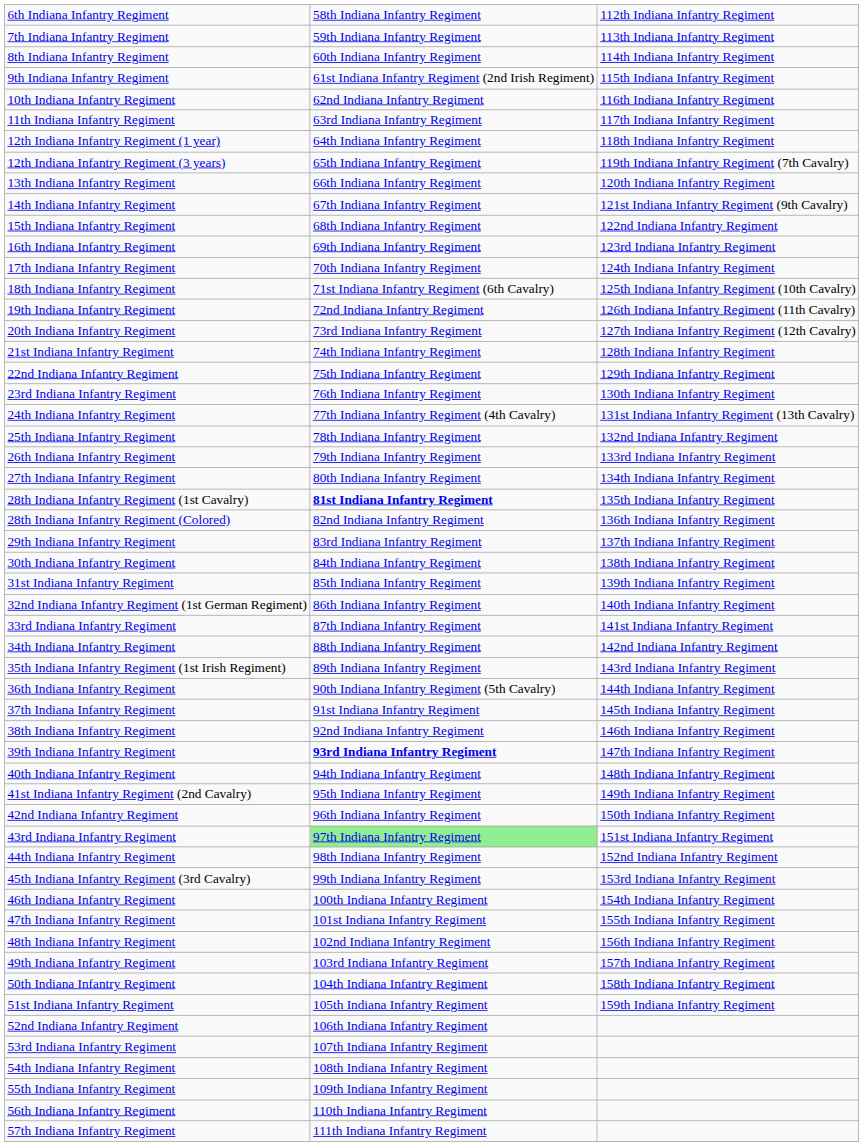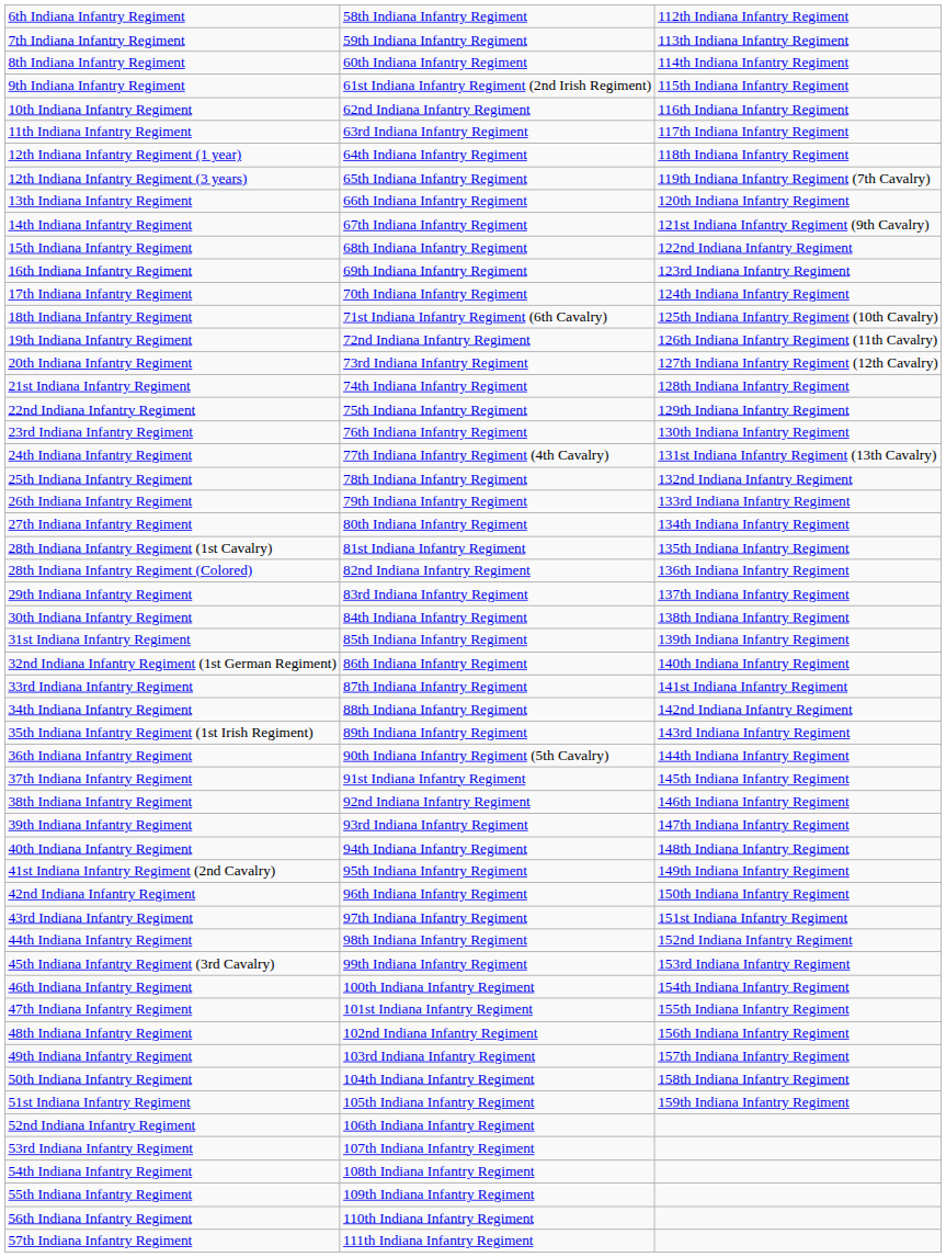 <table class="wikitable">
 <tr>
 <td><a href='#'>6th Indiana Infantry Regiment</a></td>
 <td><a href='#'>58th Indiana Infantry Regiment</a></td>
 <td><a href='#'>112th Indiana Infantry Regiment</a></td>
 </tr>
 <tr>
 <td><a href='#'>7th Indiana Infantry Regiment</a></td>
 <td><a href='#'>59th Indiana Infantry Regiment</a></td>
 <td><a href='#'>113th Indiana Infantry Regiment</a></td>
 </tr>
 <tr>
 <td><a href='#'>8th Indiana Infantry Regiment</a></td>
 <td><a href='#'>60th Indiana Infantry Regiment</a></td>
 <td><a href='#'>114th Indiana Infantry Regiment</a></td>
 </tr>
 <tr>
 <td><a href='#'>9th Indiana Infantry Regiment</a></td>
 <td><a href='#'>61st Indiana Infantry Regiment</a> (2nd Irish Regiment)</td>
 <td><a href='#'>115th Indiana Infantry Regiment</a></td>
 </tr>
 <tr>
 <td><a href='#'>10th Indiana Infantry Regiment</a></td>
 <td><a href='#'>62nd Indiana Infantry Regiment</a></td>
 <td><a href='#'>116th Indiana Infantry Regiment</a></td>
 </tr>
 <tr>
 <td><a href='#'>11th Indiana Infantry Regiment</a></td>
 <td><a href='#'>63rd Indiana Infantry Regiment</a></td>
 <td><a href='#'>117th Indiana Infantry Regiment</a></td>
 </tr>
 <tr>
 <td><a href='#'>12th Indiana Infantry Regiment (1 year)</a></td>
 <td><a href='#'>64th Indiana Infantry Regiment</a></td>
 <td><a href='#'>118th Indiana Infantry Regiment</a></td>
 </tr>
 <tr>
 <td><a href='#'>12th Indiana Infantry Regiment (3 years)</a></td>
 <td><a href='#'>65th Indiana Infantry Regiment</a></td>
 <td><a href='#'>119th Indiana Infantry Regiment</a> (7th Cavalry)</td>
 </tr>
 <tr>
 <td><a href='#'>13th Indiana Infantry Regiment</a></td>
 <td><a href='#'>66th Indiana Infantry Regiment</a></td>
 <td><a href='#'>120th Indiana Infantry Regiment</a></td>
 </tr>
 <tr>
 <td><a href='#'>14th Indiana Infantry Regiment</a></td>
 <td><a href='#'>67th Indiana Infantry Regiment</a></td>
 <td><a href='#'>121st Indiana Infantry Regiment</a> (9th Cavalry)</td>
 </tr>
 <tr>
 <td><a href='#'>15th Indiana Infantry Regiment</a></td>
 <td><a href='#'>68th Indiana Infantry Regiment</a></td>
 <td><a href='#'>122nd Indiana Infantry Regiment</a></td>
 </tr>
 <tr>
 <td><a href='#'>16th Indiana Infantry Regiment</a></td>
 <td><a href='#'>69th Indiana Infantry Regiment</a></td>
 <td><a href='#'>123rd Indiana Infantry Regiment</a></td>
 </tr>
 <tr>
 <td><a href='#'>17th Indiana Infantry Regiment</a></td>
 <td><a href='#'>70th Indiana Infantry Regiment</a></td>
 <td><a href='#'>124th Indiana Infantry Regiment</a></td>
 </tr>
 <tr>
 <td><a href='#'>18th Indiana Infantry Regiment</a></td>
 <td><a href='#'>71st Indiana Infantry Regiment</a> (6th Cavalry)</td>
 <td><a href='#'>125th Indiana Infantry Regiment</a> (10th Cavalry)</td>
 </tr>
 <tr>
 <td><a href='#'>19th Indiana Infantry Regiment</a></td>
 <td><a href='#'>72nd Indiana Infantry Regiment</a></td>
 <td><a href='#'>126th Indiana Infantry Regiment</a> (11th  Cavalry)</td>
 </tr>
 <tr>
 <td><a href='#'>20th Indiana Infantry Regiment</a></td>
 <td><a href='#'>73rd Indiana Infantry Regiment</a></td>
 <td><a href='#'>127th Indiana Infantry Regiment</a> (12th Cavalry)</td>
 </tr>
 <tr>
 <td><a href='#'>21st Indiana Infantry Regiment</a></td>
 <td><a href='#'>74th Indiana Infantry Regiment</a></td>
 <td><a href='#'>128th Indiana Infantry Regiment</a></td>
 </tr>
 <tr>
 <td><a href='#'>22nd Indiana Infantry Regiment</a></td>
 <td><a href='#'>75th Indiana Infantry Regiment</a></td>
 <td><a href='#'>129th Indiana Infantry Regiment</a></td>
 </tr>
 <tr>
 <td><a href='#'>23rd Indiana Infantry Regiment</a></td>
 <td><a href='#'>76th Indiana Infantry Regiment</a></td>
 <td><a href='#'>130th Indiana Infantry Regiment</a></td>
 </tr>
 <tr>
 <td><a href='#'>24th Indiana Infantry Regiment</a></td>
 <td><a href='#'>77th Indiana Infantry Regiment</a> (4th Cavalry)</td>
 <td><a href='#'>131st Indiana Infantry Regiment</a> (13th Cavalry)</td>
 </tr>
 <tr>
 <td><a href='#'>25th Indiana Infantry Regiment</a></td>
 <td><a href='#'>78th Indiana Infantry Regiment</a></td>
 <td><a href='#'>132nd Indiana Infantry Regiment</a></td>
 </tr>
 <tr>
 <td><a href='#'>26th Indiana Infantry Regiment</a></td>
 <td><a href='#'>79th Indiana Infantry Regiment</a></td>
 <td><a href='#'>133rd Indiana Infantry Regiment</a></td>
 </tr>
 <tr>
 <td><a href='#'>27th Indiana Infantry Regiment</a></td>
 <td><a href='#'>80th Indiana Infantry Regiment</a></td>
 <td><a href='#'>134th Indiana Infantry Regiment</a></td>
 </tr>
 <tr>
 <td><a href='#'>28th Indiana Infantry Regiment</a> (1st Cavalry)</td>
-<td><strong><a href='#'>81st Indiana Infantry Regiment</a></strong></td>
+<td><a href='#'>81st Indiana Infantry Regiment</a></td>
 <td><a href='#'>135th Indiana Infantry Regiment</a></td>
 </tr>
 <tr>
 <td><a href='#'>28th Indiana Infantry Regiment (Colored)</a></td>
 <td><a href='#'>82nd Indiana Infantry Regiment</a></td>
 <td><a href='#'>136th Indiana Infantry Regiment</a></td>
 </tr>
 <tr>
 <td><a href='#'>29th Indiana Infantry Regiment</a></td>
 <td><a href='#'>83rd Indiana Infantry Regiment</a></td>
 <td><a href='#'>137th Indiana Infantry Regiment</a></td>
 </tr>
 <tr>
 <td><a href='#'>30th Indiana Infantry Regiment</a></td>
 <td><a href='#'>84th Indiana Infantry Regiment</a></td>
 <td><a href='#'>138th Indiana Infantry Regiment</a></td>
 </tr>
 <tr>
 <td><a href='#'>31st Indiana Infantry Regiment</a></td>
 <td><a href='#'>85th Indiana Infantry Regiment</a></td>
 <td><a href='#'>139th Indiana Infantry Regiment</a></td>
 </tr>
 <tr>
 <td><a href='#'>32nd Indiana Infantry Regiment</a> (1st German Regiment)</td>
 <td><a href='#'>86th Indiana Infantry Regiment</a></td>
 <td><a href='#'>140th Indiana Infantry Regiment</a></td>
 </tr>
 <tr>
 <td><a href='#'>33rd Indiana Infantry Regiment</a></td>
 <td><a href='#'>87th Indiana Infantry Regiment</a></td>
 <td><a href='#'>141st Indiana Infantry Regiment</a></td>
 </tr>
 <tr>
 <td><a href='#'>34th Indiana Infantry Regiment</a></td>
 <td><a href='#'>88th Indiana Infantry Regiment</a></td>
 <td><a href='#'>142nd Indiana Infantry Regiment</a></td>
 </tr>
 <tr>
 <td><a href='#'>35th Indiana Infantry Regiment</a> (1st Irish Regiment)</td>
 <td><a href='#'>89th Indiana Infantry Regiment</a></td>
 <td><a href='#'>143rd Indiana Infantry Regiment</a></td>
 </tr>
 <tr>
 <td><a href='#'>36th Indiana Infantry Regiment</a></td>
 <td><a href='#'>90th Indiana Infantry Regiment</a> (5th Cavalry)</td>
 <td><a href='#'>144th Indiana Infantry Regiment</a></td>
 </tr>
 <tr>
 <td><a href='#'>37th Indiana Infantry Regiment</a></td>
 <td><a href='#'>91st Indiana Infantry Regiment</a></td>
 <td><a href='#'>145th Indiana Infantry Regiment</a></td>
 </tr>
 <tr>
 <td><a href='#'>38th Indiana Infantry Regiment</a></td>
 <td><a href='#'>92nd Indiana Infantry Regiment</a></td>
 <td><a href='#'>146th Indiana Infantry Regiment</a></td>
 </tr>
 <tr>
 <td><a href='#'>39th Indiana Infantry Regiment</a></td>
-<td><strong><a href='#'>93rd Indiana Infantry Regiment</a></strong></td>
+<td><a href='#'>93rd Indiana Infantry Regiment</a></td>
 <td><a href='#'>147th Indiana Infantry Regiment</a></td>
 </tr>
 <tr>
 <td><a href='#'>40th Indiana Infantry Regiment</a></td>
 <td><a href='#'>94th Indiana Infantry Regiment</a></td>
 <td><a href='#'>148th Indiana Infantry Regiment</a></td>
 </tr>
 <tr>
 <td><a href='#'>41st Indiana Infantry Regiment</a> (2nd Cavalry)</td>
 <td><a href='#'>95th Indiana Infantry Regiment</a></td>
 <td><a href='#'>149th Indiana Infantry Regiment</a></td>
 </tr>
 <tr>
 <td><a href='#'>42nd Indiana Infantry Regiment</a></td>
 <td><a href='#'>96th Indiana Infantry Regiment</a></td>
 <td><a href='#'>150th Indiana Infantry Regiment</a></td>
 </tr>
 <tr>
 <td><a href='#'>43rd Indiana Infantry Regiment</a></td>
-<td style="background: lightgreen;"><a href='#'>97th Indiana Infantry Regiment</a></td>
+<td><a href='#'>97th Indiana Infantry Regiment</a></td>
 <td><a href='#'>151st Indiana Infantry Regiment</a></td>
 </tr>
 <tr>
 <td><a href='#'>44th Indiana Infantry Regiment</a></td>
 <td><a href='#'>98th Indiana Infantry Regiment</a></td>
 <td><a href='#'>152nd Indiana Infantry Regiment</a></td>
 </tr>
 <tr>
 <td><a href='#'>45th Indiana Infantry Regiment</a> (3rd Cavalry)</td>
 <td><a href='#'>99th Indiana Infantry Regiment</a></td>
 <td><a href='#'>153rd Indiana Infantry Regiment</a></td>
 </tr>
 <tr>
 <td><a href='#'>46th Indiana Infantry Regiment</a></td>
 <td><a href='#'>100th Indiana Infantry Regiment</a></td>
 <td><a href='#'>154th Indiana Infantry Regiment</a></td>
 </tr>
 <tr>
 <td><a href='#'>47th Indiana Infantry Regiment</a></td>
 <td><a href='#'>101st Indiana Infantry Regiment</a></td>
 <td><a href='#'>155th Indiana Infantry Regiment</a></td>
 </tr>
 <tr>
 <td><a href='#'>48th Indiana Infantry Regiment</a></td>
 <td><a href='#'>102nd Indiana Infantry Regiment</a></td>
 <td><a href='#'>156th Indiana Infantry Regiment</a></td>
 </tr>
 <tr>
 <td><a href='#'>49th Indiana Infantry Regiment</a></td>
 <td><a href='#'>103rd Indiana Infantry Regiment</a></td>
 <td><a href='#'>157th Indiana Infantry Regiment</a></td>
 </tr>
 <tr>
 <td><a href='#'>50th Indiana Infantry Regiment</a></td>
 <td><a href='#'>104th Indiana Infantry Regiment</a></td>
 <td><a href='#'>158th Indiana Infantry Regiment</a></td>
 </tr>
 <tr>
 <td><a href='#'>51st Indiana Infantry Regiment</a></td>
 <td><a href='#'>105th Indiana Infantry Regiment</a></td>
 <td><a href='#'>159th Indiana Infantry Regiment</a></td>
 </tr>
 <tr>
 <td><a href='#'>52nd Indiana Infantry Regiment</a></td>
 <td><a href='#'>106th Indiana Infantry Regiment</a></td>
 <td></td>
 </tr>
 <tr>
 <td><a href='#'>53rd Indiana Infantry Regiment</a></td>
 <td><a href='#'>107th Indiana Infantry Regiment</a></td>
 <td></td>
 </tr>
 <tr>
 <td><a href='#'>54th Indiana Infantry Regiment</a></td>
 <td><a href='#'>108th Indiana Infantry Regiment</a></td>
 <td></td>
 </tr>
 <tr>
 <td><a href='#'>55th Indiana Infantry Regiment</a></td>
 <td><a href='#'>109th Indiana Infantry Regiment</a></td>
 <td></td>
 </tr>
 <tr>
 <td><a href='#'>56th Indiana Infantry Regiment</a></td>
 <td><a href='#'>110th Indiana Infantry Regiment</a></td>
 <td></td>
 </tr>
 <tr>
 <td><a href='#'>57th Indiana Infantry Regiment</a></td>
 <td><a href='#'>111th Indiana Infantry Regiment</a></td>
 <td></td>
 </tr>
 </table>
